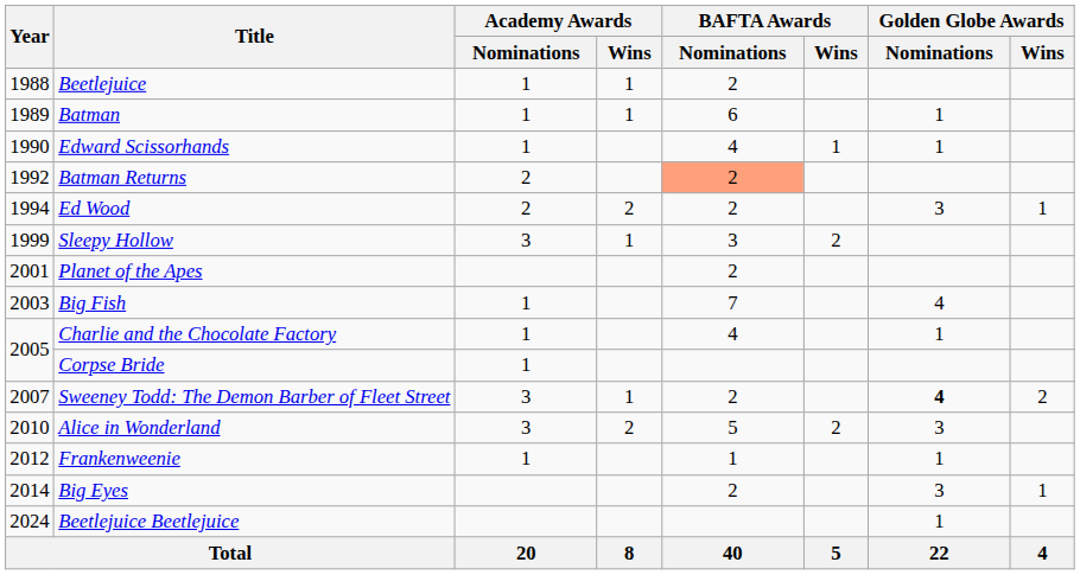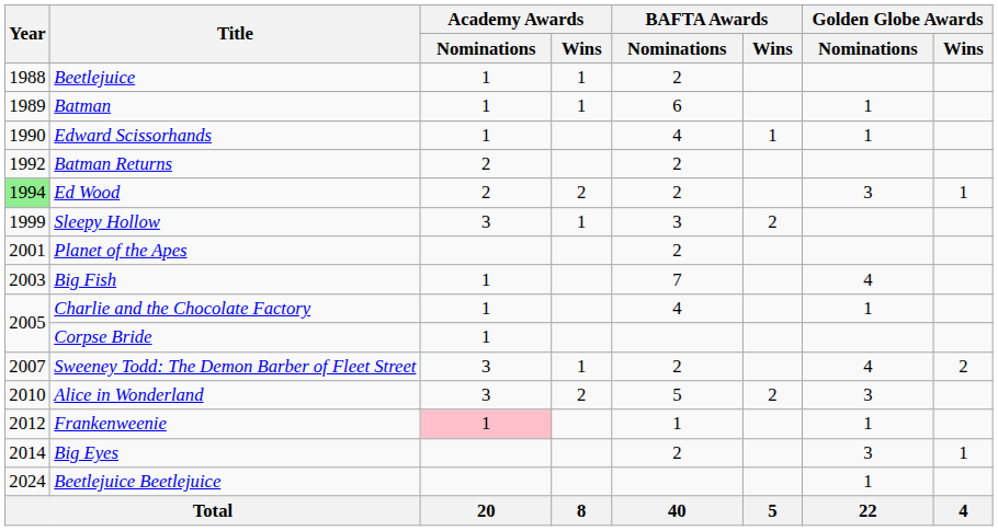 <table class="wikitable">
 <tr>
 <th rowspan="2">Year</th>
 <th rowspan="2">Title</th>
 <th colspan="2" style="text-align:center;" width=160>Academy Awards</th>
 <th colspan="2" style="text-align:center;" width=160>BAFTA Awards</th>
 <th colspan="2" style="text-align:center;" width=160>Golden Globe Awards</th>
 </tr>
 <tr>
 <th>Nominations</th>
 <th>Wins</th>
 <th>Nominations</th>
 <th>Wins</th>
 <th>Nominations</th>
 <th>Wins</th>
 </tr>
 <tr>
 <td>1988</td>
 <td><em><a href='#'>Beetlejuice</a></em></td>
 <td align=center>1</td>
 <td align=center>1</td>
 <td align=center>2</td>
 <td></td>
 <td></td>
 <td></td>
 </tr>
 <tr>
 <td>1989</td>
 <td><em><a href='#'>Batman</a></em></td>
 <td align=center>1</td>
 <td align=center>1</td>
 <td align=center>6</td>
 <td></td>
 <td align=center>1</td>
 <td></td>
 </tr>
 <tr>
 <td>1990</td>
 <td><em><a href='#'>Edward Scissorhands</a></em></td>
 <td align=center>1</td>
 <td></td>
 <td align=center>4</td>
 <td align=center>1</td>
 <td align=center>1</td>
 <td></td>
 </tr>
 <tr>
 <td>1992</td>
 <td><em><a href='#'>Batman Returns</a></em></td>
 <td align=center>2</td>
 <td></td>
-<td align=center style="background: lightsalmon;">2</td>
+<td align=center>2</td>
 <td></td>
 <td></td>
 <td></td>
 </tr>
 <tr>
-<td>1994</td>
+<td style="background: lightgreen;">1994</td>
 <td><em><a href='#'>Ed Wood</a></em></td>
 <td align=center>2</td>
 <td align=center>2</td>
 <td align=center>2</td>
 <td></td>
 <td align=center>3</td>
 <td align=center>1</td>
 </tr>
 <tr>
 <td>1999</td>
 <td><em><a href='#'>Sleepy Hollow</a></em></td>
 <td align=center>3</td>
 <td align=center>1</td>
 <td align=center>3</td>
 <td align=center>2</td>
 <td></td>
 <td></td>
 </tr>
 <tr>
 <td>2001</td>
 <td><em><a href='#'>Planet of the Apes</a></em></td>
 <td></td>
 <td></td>
 <td align=center>2</td>
 <td></td>
 <td></td>
 <td></td>
 </tr>
 <tr>
 <td>2003</td>
 <td><em><a href='#'>Big Fish</a></em></td>
 <td align=center>1</td>
 <td></td>
 <td align=center>7</td>
 <td></td>
 <td align=center>4</td>
 <td></td>
 </tr>
 <tr>
 <td rowspan=2>2005</td>
 <td><em><a href='#'>Charlie and the Chocolate Factory</a></em></td>
 <td align=center>1</td>
 <td></td>
 <td align=center>4</td>
 <td></td>
 <td align=center>1</td>
 <td></td>
 </tr>
 <tr>
 <td><em><a href='#'>Corpse Bride</a></em></td>
 <td align=center>1</td>
 <td></td>
 <td></td>
 <td></td>
 <td></td>
 <td></td>
 </tr>
 <tr>
 <td>2007</td>
 <td><em><a href='#'>Sweeney Todd: The Demon Barber of Fleet Street</a></em></td>
 <td align=center>3</td>
 <td align=center>1</td>
 <td align=center>2</td>
 <td></td>
-<td align=center><strong>4</strong></td>
+<td align=center>4</td>
 <td align=center>2</td>
 </tr>
 <tr>
 <td>2010</td>
 <td><em><a href='#'>Alice in Wonderland</a></em></td>
 <td align=center>3</td>
 <td align=center>2</td>
 <td align=center>5</td>
 <td align=center>2</td>
 <td align=center>3</td>
 <td></td>
 </tr>
 <tr>
 <td>2012</td>
 <td><em><a href='#'>Frankenweenie</a></em></td>
-<td align=center>1</td>
+<td align=center style="background: pink;">1</td>
 <td></td>
 <td align=center>1</td>
 <td></td>
 <td align=center>1</td>
 <td></td>
 </tr>
 <tr>
 <td>2014</td>
 <td><em><a href='#'>Big Eyes</a></em></td>
 <td></td>
 <td></td>
 <td align=center>2</td>
 <td></td>
 <td align=center>3</td>
 <td align=center>1</td>
 </tr>
 <tr>
 <td>2024</td>
 <td><em><a href='#'>Beetlejuice Beetlejuice</a></em></td>
 <td></td>
 <td></td>
 <td></td>
 <td></td>
 <td align=center>1</td>
 <td></td>
 </tr>
 <tr>
 <th colspan="2">Total</th>
 <th align=center>20</th>
 <th align=center>8</th>
 <th align=center>40</th>
 <th align=center>5</th>
 <th align=center>22</th>
 <th align=center>4</th>
 </tr>
 </table>
